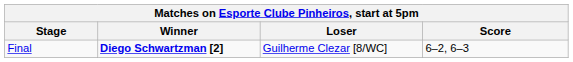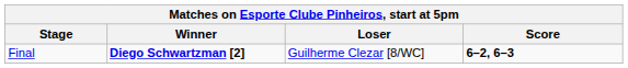 <table class="wikitable collapsible uncollapsed" border=1 style="margin:1em auto;">
 <tr>
 <th colspan=4><strong>Matches on <a href='#'>Esporte Clube Pinheiros</a>, start at 5pm</strong></th>
 </tr>
 <tr>
 <th width=125>Stage</th>
 <th width=225>Winner</th>
 <th width=225>Loser</th>
 <th width=200>Score</th>
 </tr>
 <tr>
 <td><a href='#'>Final</a></td>
 <td><strong> <a href='#'>Diego Schwartzman</a> [2]</strong></td>
 <td> <a href='#'>Guilherme Clezar</a> [8/WC]</td>
-<td>6–2, 6–3</td>
+<td><strong>6–2, 6–3</strong></td>
 </tr>
 </table>
